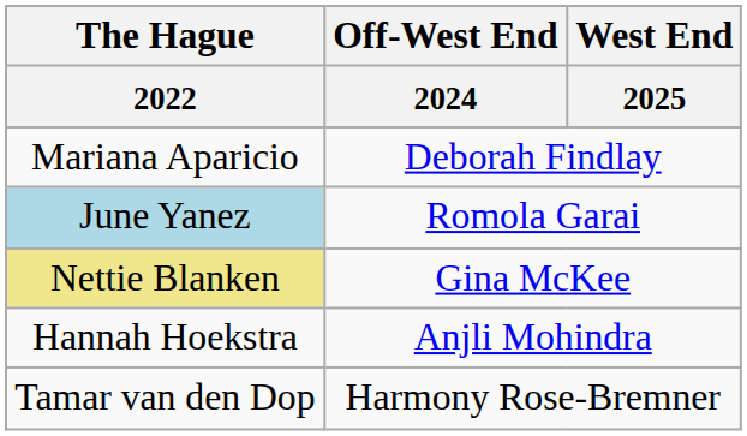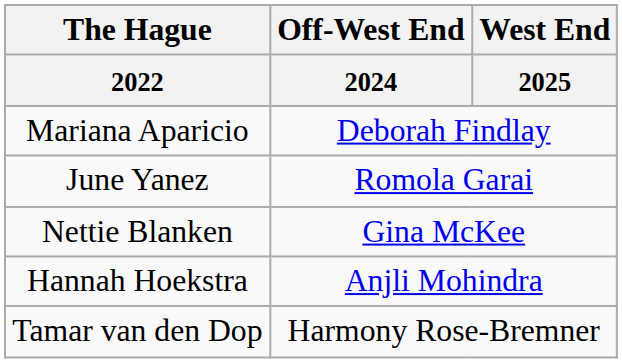 <table class="wikitable">
 <tr>
 <th>The Hague</th>
 <th>Off-West End</th>
 <th>West End</th>
 </tr>
 <tr>
 <th><small>2022</small></th>
 <th><small>2024</small></th>
 <th><small>2025</small></th>
 </tr>
 <tr>
 <td align=center>Mariana Aparicio</td>
 <td colspan="2" align=center><a href='#'>Deborah Findlay</a></td>
 </tr>
 <tr>
-<td align=center style="background: lightblue;">June Yanez</td>
+<td align=center>June Yanez</td>
 <td colspan="2" align=center><a href='#'>Romola Garai</a></td>
 </tr>
 <tr>
-<td align=center style="background: khaki;">Nettie Blanken</td>
+<td align=center>Nettie Blanken</td>
 <td colspan="2" align=center><a href='#'>Gina McKee</a></td>
 </tr>
 <tr>
 <td align=center>Hannah Hoekstra</td>
 <td colspan="2" align=center><a href='#'>Anjli Mohindra</a></td>
 </tr>
 <tr>
 <td align=center>Tamar van den Dop</td>
 <td colspan="2" align=center>Harmony Rose-Bremner</td>
 </tr>
 </table>
